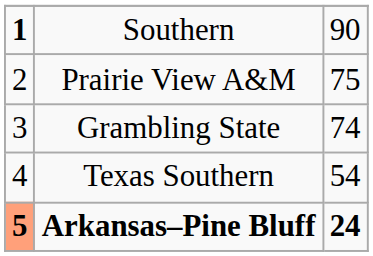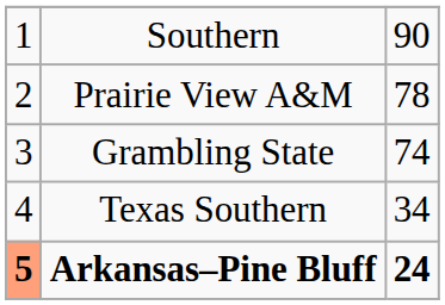 <table class="wikitable" style="display: inline-table;">
 <tr align="center">
 </tr>
 <tr align="center">
-<td><strong>1</strong></td>
+<td>1</td>
 <td>Southern</td>
 <td>90</td>
 </tr>
 <tr align="center">
 <td>2</td>
 <td>Prairie View A&M</td>
-<td>75</td>
+<td>78</td>
 </tr>
 <tr align="center">
 <td>3</td>
 <td>Grambling State</td>
 <td>74</td>
 </tr>
 <tr align="center">
 <td>4</td>
 <td>Texas Southern</td>
-<td>54</td>
+<td>34</td>
 </tr>
 <tr align="center">
 <td style="background: lightsalmon;"><strong>5</strong></td>
 <td><strong>Arkansas–Pine Bluff</strong></td>
 <td><strong>24</strong></td>
 </tr>
 </table>
